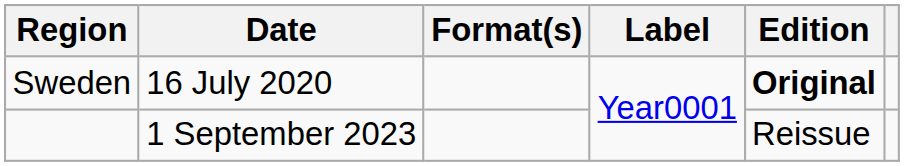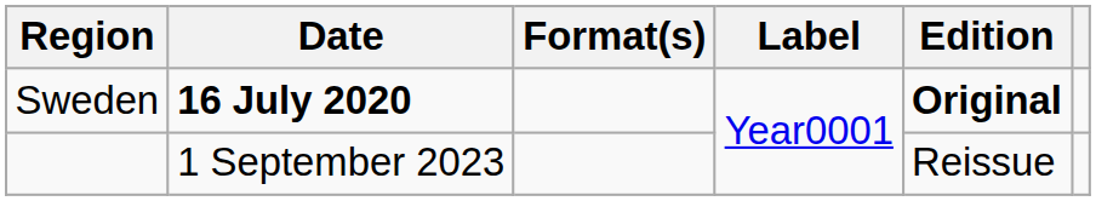 <table class="wikitable plainrowheaders">
 <tr>
 <th scope="col">Region</th>
 <th scope="col">Date</th>
 <th scope="col">Format(s)</th>
 <th scope="col">Label</th>
 <th scope="col">Edition</th>
 <th scope="col"></th>
 </tr>
 <tr>
 <td>Sweden</td>
-<td>16 July 2020</td>
+<td><strong>16 July 2020</strong></td>
 <td></td>
 <td rowspan="2"><a href='#'>Year0001</a></td>
 <td><strong>Original</strong></td>
 <td align="center"></td>
 </tr>
 <tr>
 <td></td>
 <td>1 September 2023</td>
 <td></td>
 <td rowspan="1">Reissue</td>
 <td align="center"></td>
 </tr>
 </table>
